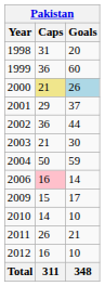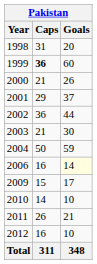 <table class="wikitable sortable">
 <tr>
 <th colspan="3"><a href='#'>Pakistan</a></th>
 </tr>
 <tr>
 <th>Year</th>
 <th>Caps</th>
 <th>Goals</th>
 </tr>
 <tr>
 <td>1998</td>
 <td>31</td>
 <td>20</td>
 </tr>
 <tr>
 <td>1999</td>
-<td>36</td>
+<td><strong>36</strong></td>
 <td>60</td>
 </tr>
 <tr>
 <td>2000</td>
-<td style="background: khaki;">21</td>
-<td style="background: lightblue;">26</td>
+<td>21</td>
+<td>26</td>
 </tr>
 <tr>
 <td>2001</td>
 <td>29</td>
 <td>37</td>
 </tr>
 <tr>
 <td>2002</td>
 <td>36</td>
 <td>44</td>
 </tr>
 <tr>
 <td>2003</td>
 <td>21</td>
 <td>30</td>
 </tr>
 <tr>
 <td>2004</td>
 <td>50</td>
 <td>59</td>
 </tr>
 <tr>
 <td>2006</td>
-<td style="background: pink;">16</td>
-<td>14</td>
+<td>16</td>
+<td style="background: lightyellow;">14</td>
 </tr>
 <tr>
 <td>2009</td>
 <td>15</td>
 <td>17</td>
 </tr>
 <tr>
 <td>2010</td>
 <td>14</td>
 <td>10</td>
 </tr>
 <tr>
 <td>2011</td>
 <td>26</td>
 <td>21</td>
 </tr>
 <tr>
 <td>2012</td>
 <td>16</td>
 <td>10</td>
 </tr>
 <tr>
 <th>Total</th>
 <th>311</th>
 <th>348</th>
 </tr>
 </table>
